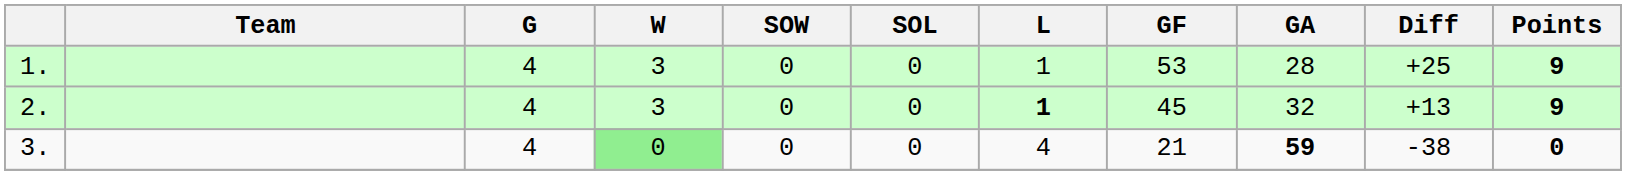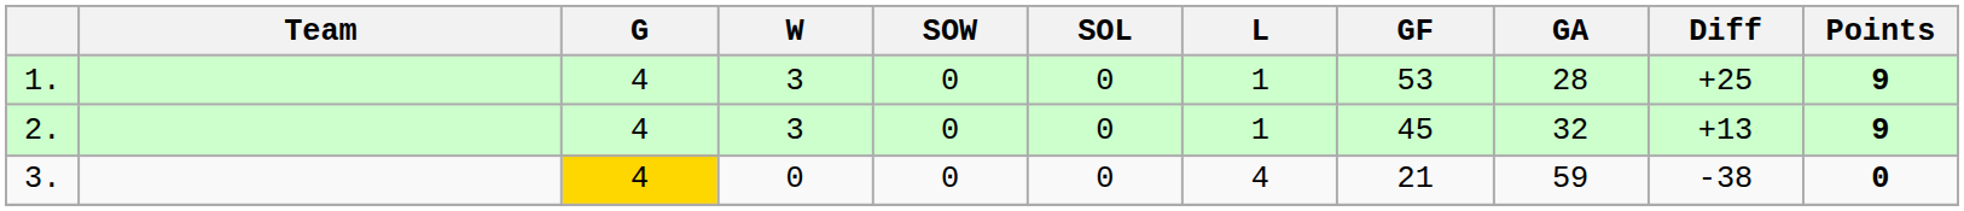 <table class=wikitable style="text-align:center">
 <tr bgcolor="#DCDCDC">
 <th width="25"></th>
 <th width="200">Team</th>
 <th width="60">G</th>
 <th width="60">W</th>
 <th width="60">SOW</th>
 <th width="60">SOL</th>
 <th width="60">L</th>
 <th width="60">GF</th>
 <th width="60">GA</th>
 <th width="60">Diff</th>
 <th width="60">Points</th>
 </tr>
 <tr bgcolor="ccffcc">
 <td>1.</td>
 <td align=left></td>
 <td>4</td>
 <td>3</td>
 <td>0</td>
 <td>0</td>
 <td>1</td>
 <td>53</td>
 <td>28</td>
 <td>+25</td>
 <td><strong>9</strong></td>
 </tr>
 <tr bgcolor="ccffcc">
 <td>2.</td>
 <td align=left></td>
 <td>4</td>
 <td>3</td>
 <td>0</td>
 <td>0</td>
-<td><strong>1</strong></td>
+<td>1</td>
 <td>45</td>
 <td>32</td>
 <td>+13</td>
 <td><strong>9</strong></td>
 </tr>
 <tr>
 <td>3.</td>
 <td align=left></td>
-<td>4</td>
-<td style="background: lightgreen;">0</td>
+<td style="background: gold;">4</td>
+<td>0</td>
 <td>0</td>
 <td>0</td>
 <td>4</td>
 <td>21</td>
-<td><strong>59</strong></td>
+<td>59</td>
 <td>-38</td>
 <td><strong>0</strong></td>
 </tr>
 <tr>
 </tr>
 </table>
